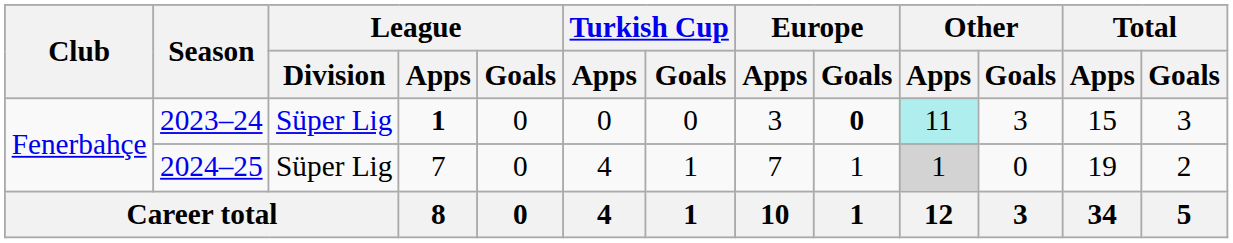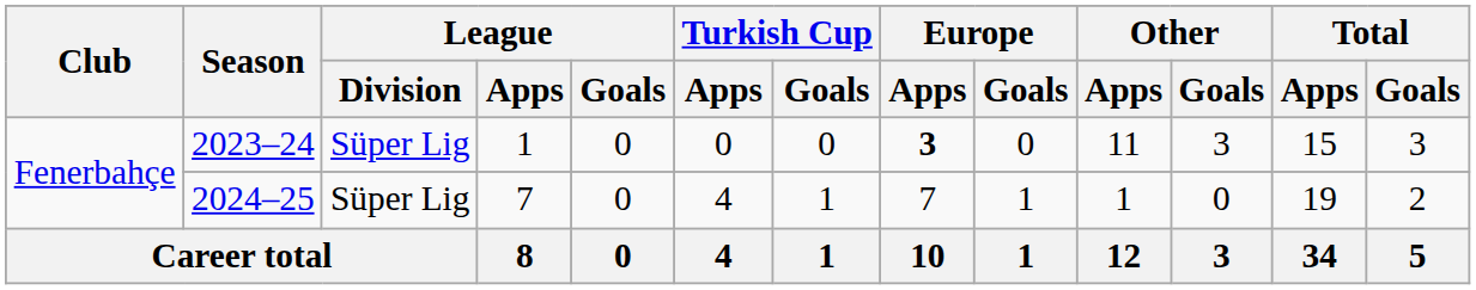 <table class="wikitable" style="text-align:center">
 <tr>
 <th rowspan="2">Club</th>
 <th rowspan="2">Season</th>
 <th colspan="3">League</th>
 <th colspan="2"><a href='#'>Turkish Cup</a></th>
 <th colspan="2">Europe</th>
 <th colspan="2">Other</th>
 <th colspan="2">Total</th>
 </tr>
 <tr>
 <th>Division</th>
 <th>Apps</th>
 <th>Goals</th>
 <th>Apps</th>
 <th>Goals</th>
 <th>Apps</th>
 <th>Goals</th>
 <th>Apps</th>
 <th>Goals</th>
 <th>Apps</th>
 <th>Goals</th>
 </tr>
 <tr>
 <td rowspan="2"><a href='#'>Fenerbahçe</a></td>
 <td><a href='#'>2023–24</a></td>
 <td><a href='#'>Süper Lig</a></td>
-<td><strong>1</strong></td>
+<td>1</td>
 <td>0</td>
 <td>0</td>
 <td>0</td>
-<td>3</td>
-<td><strong>0</strong></td>
-<td style="background: paleturquoise;">11</td>
+<td><strong>3</strong></td>
+<td>0</td>
+<td>11</td>
 <td>3</td>
 <td>15</td>
 <td>3</td>
 </tr>
 <tr>
 <td><a href='#'>2024–25</a></td>
 <td>Süper Lig</td>
 <td>7</td>
 <td>0</td>
 <td>4</td>
 <td>1</td>
 <td>7</td>
 <td>1</td>
-<td style="background: lightgrey;">1</td>
+<td>1</td>
 <td>0</td>
 <td>19</td>
 <td>2</td>
 </tr>
 <tr>
 <th colspan=3>Career total</th>
 <th>8</th>
 <th>0</th>
 <th>4</th>
 <th>1</th>
 <th>10</th>
 <th>1</th>
 <th>12</th>
 <th>3</th>
 <th>34</th>
 <th>5</th>
 </tr>
 </table>
